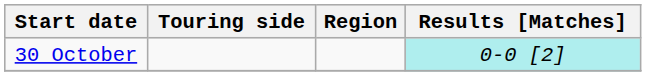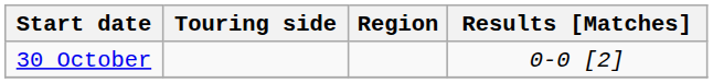 <table class="wikitable unsortable" width=65%: style="white-space:nowrap; text-align:center;">
 <tr>
 <th>Start date</th>
 <th>Touring side</th>
 <th>Region</th>
 <th>Results [Matches]</th>
 </tr>
 <tr>
 <td><a href='#'>30 October</a></td>
 <td></td>
 <td></td>
-<td style="background: paleturquoise;"><em>0-0 [2]</em></td>
+<td><em>0-0 [2]</em></td>
 </tr>
 <tr>
 </tr>
 </table>
